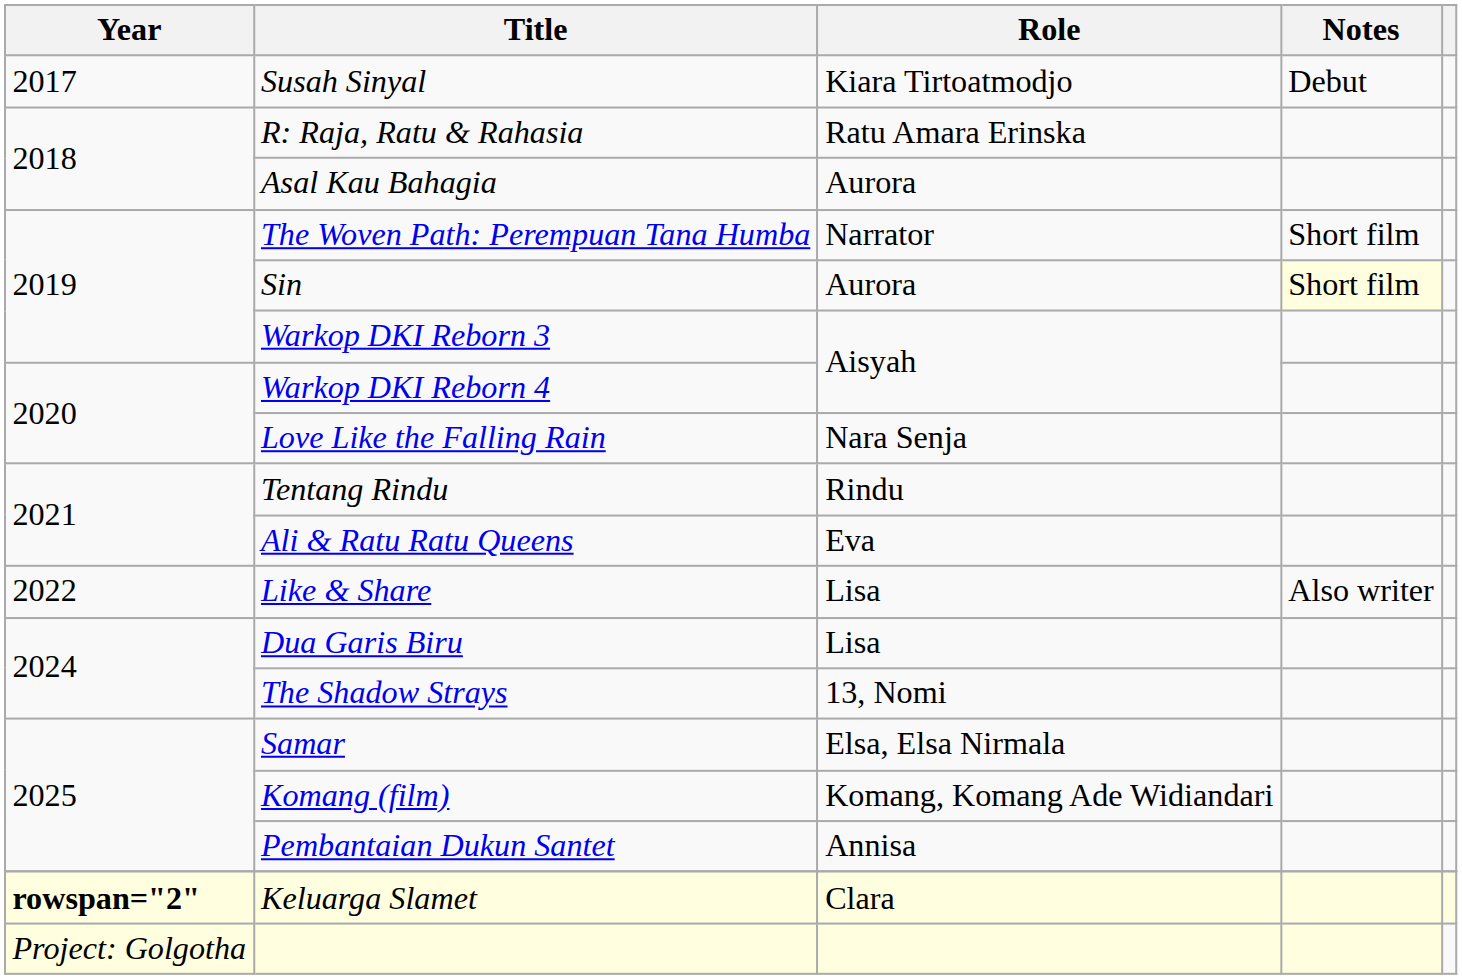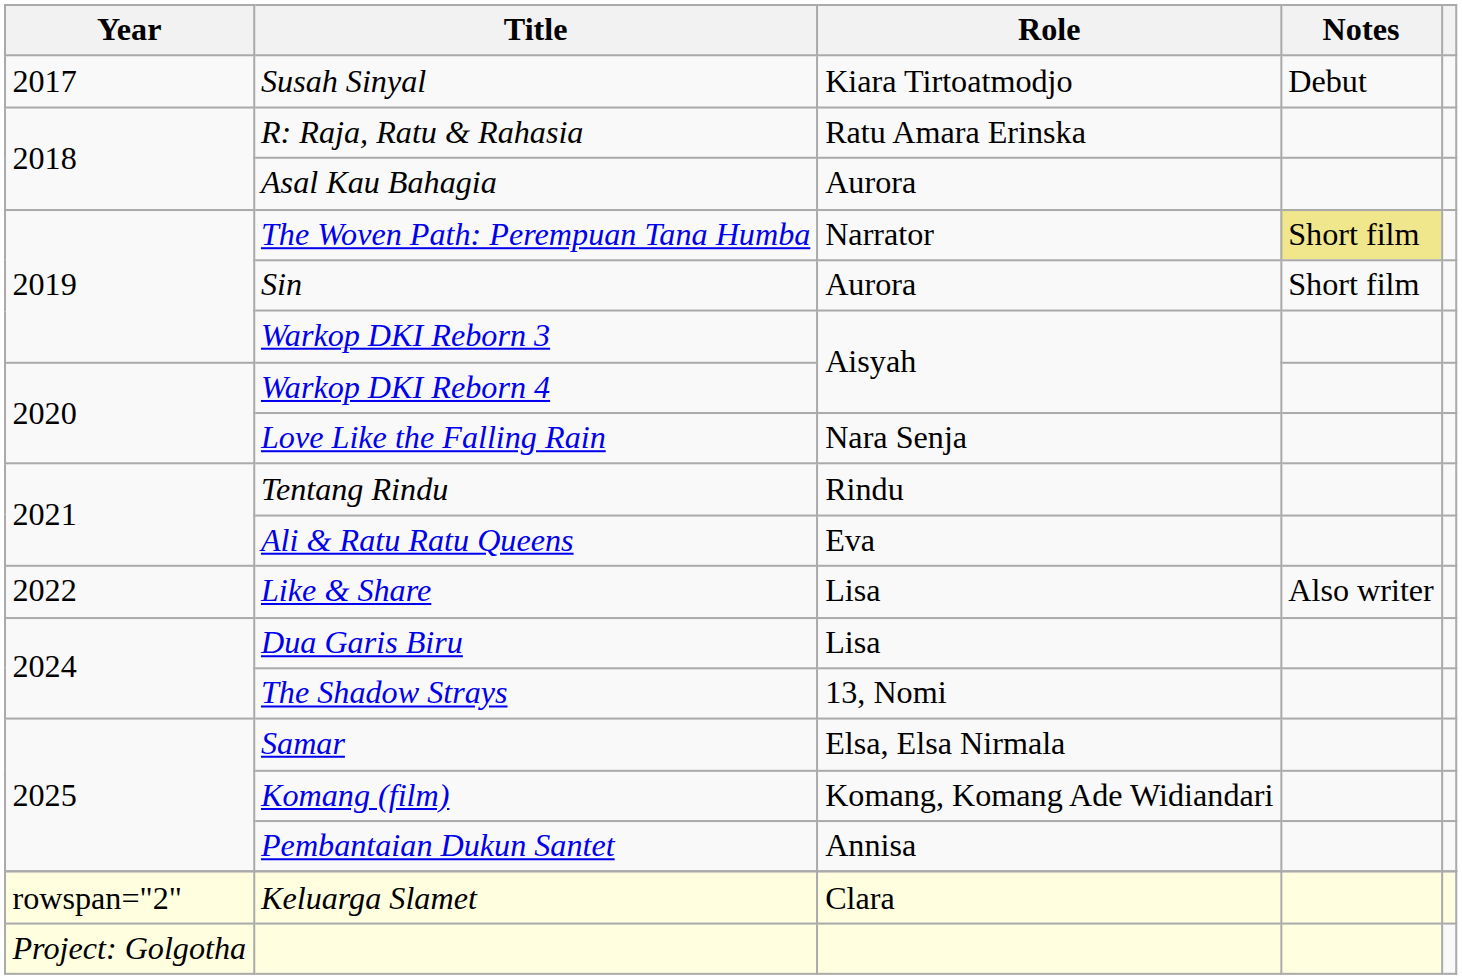 <table class="wikitable plainrowheaders sortable">
 <tr>
 <th scope="col">Year</th>
 <th scope="col">Title</th>
 <th scope="col">Role</th>
 <th scope="col" class="unsortable">Notes</th>
 <th scope="col" class="unsortable"></th>
 </tr>
 <tr>
 <td>2017</td>
 <td><em>Susah Sinyal</em></td>
 <td>Kiara Tirtoatmodjo</td>
 <td>Debut</td>
 <td></td>
 </tr>
 <tr>
 <td rowspan="2">2018</td>
 <td><em>R: Raja, Ratu & Rahasia</em></td>
 <td>Ratu Amara Erinska</td>
 <td></td>
 <td></td>
 </tr>
 <tr>
 <td><em>Asal Kau Bahagia</em></td>
 <td>Aurora</td>
 <td></td>
 <td></td>
 </tr>
 <tr>
 <td rowspan="3">2019</td>
 <td><em><a href='#'>The Woven Path: Perempuan Tana Humba</a></em></td>
 <td>Narrator</td>
-<td>Short film</td>
+<td style="background: khaki;">Short film</td>
 <td></td>
 </tr>
 <tr>
 <td><em>Sin</em></td>
 <td>Aurora</td>
-<td style="background: lightyellow;">Short film</td>
+<td>Short film</td>
 <td></td>
 </tr>
 <tr>
 <td><em><a href='#'>Warkop DKI Reborn 3</a></em></td>
 <td rowspan="2">Aisyah</td>
 <td></td>
 <td></td>
 </tr>
 <tr>
 <td rowspan="2">2020</td>
 <td><em><a href='#'>Warkop DKI Reborn 4</a></em></td>
 <td></td>
 <td></td>
 </tr>
 <tr>
 <td><em><a href='#'>Love Like the Falling Rain</a></em></td>
 <td>Nara Senja</td>
 <td></td>
 <td></td>
 </tr>
 <tr>
 <td rowspan="2">2021</td>
 <td><em>Tentang Rindu</em></td>
 <td>Rindu</td>
 <td></td>
 <td></td>
 </tr>
 <tr>
 <td><em><a href='#'>Ali & Ratu Ratu Queens</a></em></td>
 <td>Eva</td>
 <td></td>
 <td></td>
 </tr>
 <tr>
 <td>2022</td>
 <td><em><a href='#'>Like & Share</a></em></td>
 <td>Lisa</td>
 <td>Also writer</td>
 <td></td>
 </tr>
 <tr>
 <td rowspan="2">2024</td>
 <td><em><a href='#'>Dua Garis Biru</a></em></td>
 <td>Lisa</td>
 <td></td>
 <td></td>
 </tr>
 <tr>
 <td><em><a href='#'>The Shadow Strays</a></em></td>
 <td>13, Nomi</td>
 <td></td>
 <td></td>
 </tr>
 <tr>
 <td rowspan="3">2025</td>
 <td><em><a href='#'>Samar</a></em></td>
 <td>Elsa, Elsa Nirmala</td>
 <td></td>
 <td></td>
 </tr>
 <tr>
 <td><em><a href='#'>Komang (film)</a></em></td>
 <td>Komang, Komang Ade Widiandari</td>
 <td></td>
 <td></td>
 </tr>
 <tr>
 <td><em><a href='#'>Pembantaian Dukun Santet</a></em></td>
 <td>Annisa</td>
 <td></td>
 <td></td>
 </tr>
 <tr>
 </tr>
 <tr style="background-color:#FFFFE0; color:black;">
-<td><strong>rowspan="2" </strong></td>
+<td>rowspan="2" </td>
 <td><em>Keluarga Slamet</em> </td>
 <td>Clara</td>
 <td></td>
 <td></td>
 </tr>
 <tr style="background-color:#FFFFE0; color:black;">
 <td><em>Project: Golgotha</em> </td>
 <td></td>
 <td></td>
 <td></td>
 </tr>
 </table>
